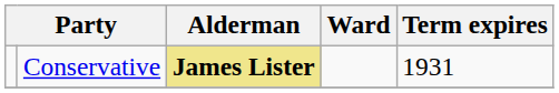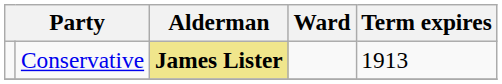 <table class="wikitable">
 <tr>
 <th colspan="2">Party</th>
 <th>Alderman</th>
 <th>Ward</th>
 <th>Term expires</th>
 </tr>
 <tr>
 <td style="background-color:"></td>
 <td><a href='#'>Conservative</a></td>
 <td style="background: khaki;"><strong>James Lister</strong></td>
 <td><strong></strong></td>
-<td>1931</td>
+<td>1913</td>
 </tr>
 <tr>
 </tr>
 </table>
